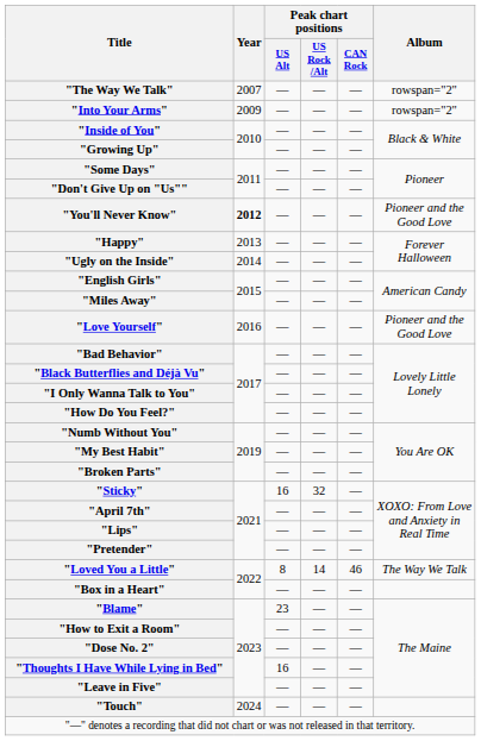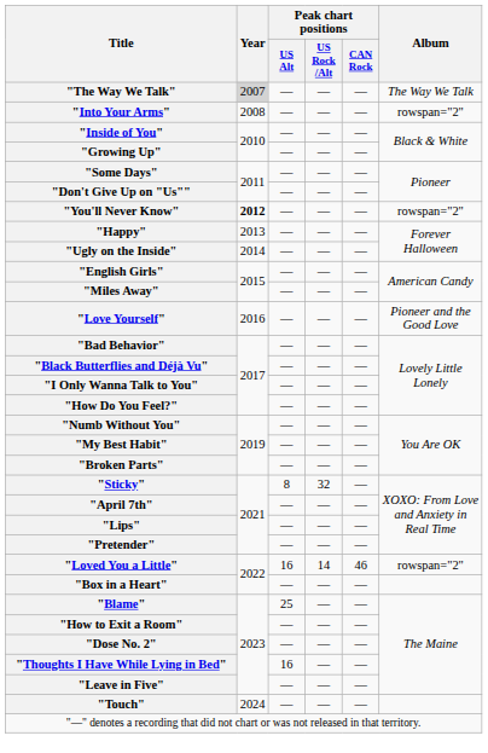 <table class="wikitable plainrowheaders" style="text-align:center;">
 <tr>
 <th scope="col" rowspan="2" style="width:18em;">Title</th>
 <th scope="col" rowspan="2">Year</th>
 <th scope="col" colspan="3">Peak chart positions</th>
 <th scope="col" rowspan="2">Album</th>
 </tr>
 <tr>
 <th scope="col" style="width:3em;font-size:85%;"><a href='#'>US<br>Alt</a><br></th>
 <th scope="col" style="width:3em;font-size:85%;"><a href='#'>US<br>Rock<br>/Alt</a><br></th>
 <th scope="col" style="width:3em;font-size:85%;"><a href='#'>CAN<br>Rock</a><br></th>
 </tr>
 <tr>
 <th scope="row">"The Way We Talk"</th>
-<td>2007</td>
+<td style="background: lightgrey;">2007</td>
 <td>—</td>
 <td>—</td>
 <td>—</td>
-<td>rowspan="2" </td>
+<td><em>The Way We Talk</em></td>
 </tr>
 <tr>
 <th scope="row">"<a href='#'>Into Your Arms</a>"</th>
-<td>2009</td>
+<td>2008</td>
 <td>—</td>
 <td>—</td>
 <td>—</td>
 <td>rowspan="2" </td>
 </tr>
 <tr>
 <th scope="row">"<a href='#'>Inside of You</a>"</th>
 <td rowspan="2">2010</td>
 <td>—</td>
 <td>—</td>
 <td>—</td>
 <td rowspan="2"><em>Black & White</em></td>
 </tr>
 <tr>
 <th scope="row">"Growing Up"</th>
 <td>—</td>
 <td>—</td>
 <td>—</td>
 </tr>
 <tr>
 <th scope="row">"Some Days"</th>
 <td rowspan="2">2011</td>
 <td>—</td>
 <td>—</td>
 <td>—</td>
 <td rowspan="2"><em>Pioneer</em></td>
 </tr>
 <tr>
 <th scope="row">"Don't Give Up on "Us""</th>
 <td>—</td>
 <td>—</td>
 <td>—</td>
 </tr>
 <tr>
 <th scope="row">"You'll Never Know"</th>
 <td><strong>2012</strong></td>
 <td>—</td>
 <td>—</td>
 <td>—</td>
-<td><em>Pioneer and the Good Love</em></td>
+<td>rowspan="2" </td>
 </tr>
 <tr>
 <th scope="row">"Happy"</th>
 <td>2013</td>
 <td>—</td>
 <td>—</td>
 <td>—</td>
 <td rowspan="2"><em>Forever Halloween</em></td>
 </tr>
 <tr>
 <th scope="row">"Ugly on the Inside"</th>
 <td>2014</td>
 <td>—</td>
 <td>—</td>
 <td>—</td>
 </tr>
 <tr>
 <th scope="row">"English Girls"</th>
 <td rowspan="2">2015</td>
 <td>—</td>
 <td>—</td>
 <td>—</td>
 <td rowspan="2"><em>American Candy</em></td>
 </tr>
 <tr>
 <th scope="row">"Miles Away"</th>
 <td>—</td>
 <td>—</td>
 <td>—</td>
 </tr>
 <tr>
 <th scope="row">"<a href='#'>Love Yourself</a>"</th>
 <td>2016</td>
 <td>—</td>
 <td>—</td>
 <td>—</td>
 <td><em>Pioneer and the Good Love</em></td>
 </tr>
 <tr>
 <th scope="row">"Bad Behavior"</th>
 <td rowspan="4">2017</td>
 <td>—</td>
 <td>—</td>
 <td>—</td>
 <td rowspan="4"><em>Lovely Little Lonely</em></td>
 </tr>
 <tr>
 <th scope="row">"<a href='#'>Black Butterflies and Déjà Vu</a>"</th>
 <td>—</td>
 <td>—</td>
 <td>—</td>
 </tr>
 <tr>
 <th scope="row">"I Only Wanna Talk to You"</th>
 <td>—</td>
 <td>—</td>
 <td>—</td>
 </tr>
 <tr>
 <th scope="row">"How Do You Feel?"</th>
 <td>—</td>
 <td>—</td>
 <td>—</td>
 </tr>
 <tr>
 <th scope="row">"Numb Without You"</th>
 <td rowspan="3">2019</td>
 <td>—</td>
 <td>—</td>
 <td>—</td>
 <td rowspan="3"><em>You Are OK</em></td>
 </tr>
 <tr>
 <th scope="row">"My Best Habit"</th>
 <td>—</td>
 <td>—</td>
 <td>—</td>
 </tr>
 <tr>
 <th scope="row">"Broken Parts"</th>
 <td>—</td>
 <td>—</td>
 <td>—</td>
 </tr>
 <tr>
 <th scope="row">"<a href='#'>Sticky</a>"</th>
 <td rowspan="4">2021</td>
-<td>16</td>
+<td>8</td>
 <td>32</td>
 <td>—</td>
 <td rowspan="4"><em>XOXO: From Love and Anxiety in Real Time</em></td>
 </tr>
 <tr>
 <th scope="row">"April 7th"</th>
 <td>—</td>
 <td>—</td>
 <td>—</td>
 </tr>
 <tr>
 <th scope="row">"Lips"</th>
 <td>—</td>
 <td>—</td>
 <td>—</td>
 </tr>
 <tr>
 <th scope="row">"Pretender"</th>
 <td>—</td>
 <td>—</td>
 <td>—</td>
 </tr>
 <tr>
 <th scope="row">"<a href='#'>Loved You a Little</a>" </th>
 <td rowspan="2">2022</td>
-<td>8</td>
+<td>16</td>
 <td>14</td>
 <td>46</td>
-<td><em>The Way We Talk</em></td>
+<td>rowspan="2" </td>
 </tr>
 <tr>
 <th scope="row">"Box in a Heart" </th>
 <td>—</td>
 <td>—</td>
 <td>—</td>
 </tr>
 <tr>
 <th scope="row">"<a href='#'>Blame</a>"</th>
 <td rowspan="5">2023</td>
-<td>23</td>
+<td>25</td>
 <td>—</td>
 <td>—</td>
 <td rowspan="5"><em>The Maine</em></td>
 </tr>
 <tr>
 <th scope="row">"How to Exit a Room"</th>
 <td>—</td>
 <td>—</td>
 <td>—</td>
 </tr>
 <tr>
 <th scope="row">"Dose No. 2"</th>
 <td>—</td>
 <td>—</td>
 <td>—</td>
 </tr>
 <tr>
 <th scope="row">"<a href='#'>Thoughts I Have While Lying in Bed</a>"<br></th>
 <td>16</td>
 <td>—</td>
 <td>—</td>
 </tr>
 <tr>
 <th scope="row">"Leave in Five"<br></th>
 <td>—</td>
 <td>—</td>
 <td>—</td>
 </tr>
 <tr>
 <th scope="row">"Touch"</th>
 <td>2024</td>
 <td>—</td>
 <td>—</td>
 <td>—</td>
 <td></td>
 </tr>
 <tr>
 <td colspan="12" style="font-size:90%">"—" denotes a recording that did not chart or was not released in that territory.</td>
 </tr>
 </table>
